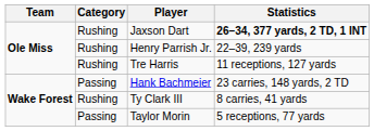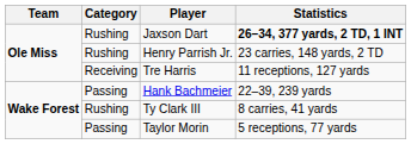 <table class="wikitable" style="float: right;">
 <tr>
 <th>Team</th>
 <th>Category</th>
 <th>Player</th>
 <th>Statistics</th>
 </tr>
 <tr>
 <td rowspan=3><strong>Ole Miss</strong></td>
 <td>Rushing</td>
 <td>Jaxson Dart</td>
 <td><strong>26–34, 377 yards, 2 TD, 1 INT</strong></td>
 </tr>
 <tr>
 <td>Rushing</td>
 <td>Henry Parrish Jr.</td>
-<td>22–39, 239 yards</td>
+<td>23 carries, 148 yards, 2 TD</td>
 </tr>
 <tr>
-<td>Rushing</td>
+<td>Receiving</td>
 <td>Tre Harris</td>
 <td>11 receptions, 127 yards</td>
 </tr>
 <tr>
 <td rowspan=3><strong>Wake Forest</strong></td>
 <td>Passing</td>
 <td><a href='#'>Hank Bachmeier</a></td>
-<td>23 carries, 148 yards, 2 TD</td>
+<td>22–39, 239 yards</td>
 </tr>
 <tr>
 <td>Rushing</td>
 <td>Ty Clark III</td>
 <td>8 carries, 41 yards</td>
 </tr>
 <tr>
 <td>Passing</td>
 <td>Taylor Morin</td>
 <td>5 receptions, 77 yards</td>
 </tr>
 </table>
